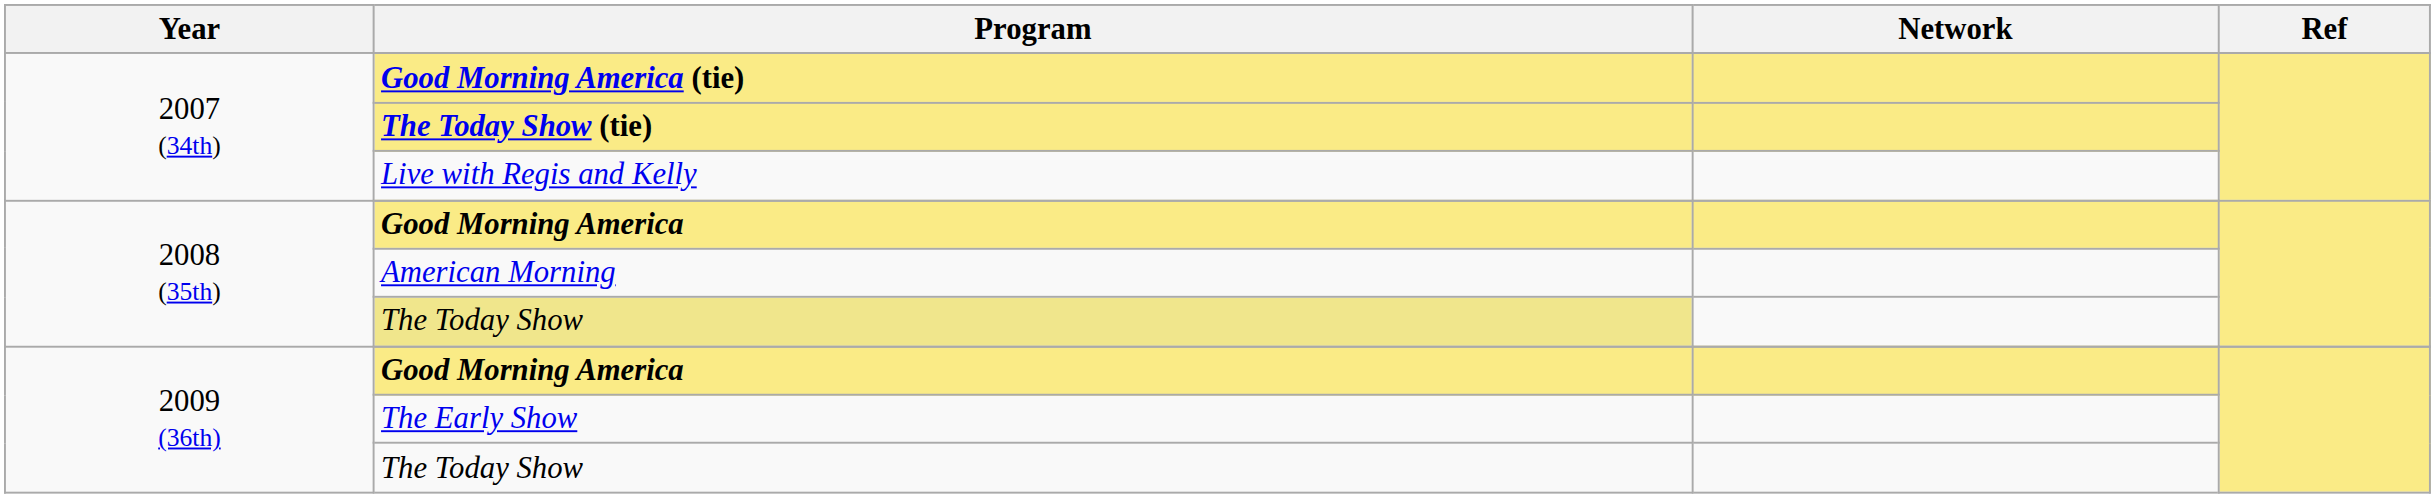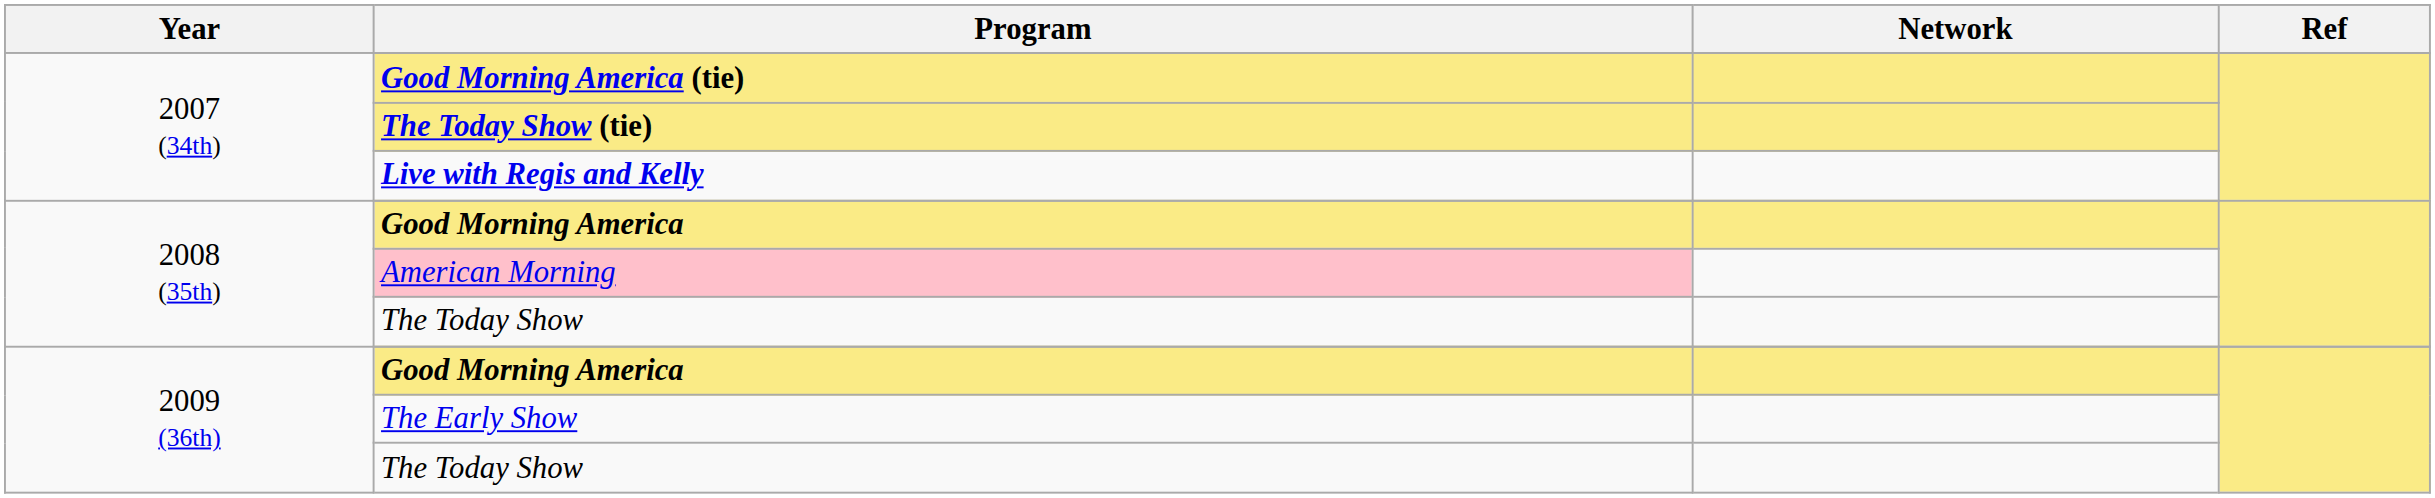 <table class="wikitable" style="width:100%">
 <tr style="background:#bebebe;">
 <th style="width:7%;">Year</th>
 <th style="width:25%;">Program</th>
 <th style="width:10%;">Network</th>
 <th style="width:4%;">Ref</th>
 </tr>
 <tr>
 <td rowspan=4 style="text-align:center">2007 <br><small>(<a href='#'>34th</a>) </small></td>
 </tr>
 <tr style="background:#FAEB86">
 <td><strong><em><a href='#'>Good Morning America</a></em></strong>  <strong>(tie)</strong></td>
 <td></td>
 <td rowspan=4></td>
 </tr>
 <tr style="background:#FAEB86">
 <td><strong><em><a href='#'>The Today Show</a></em></strong>  <strong>(tie)</strong></td>
 <td></td>
 </tr>
 <tr>
-<td><em><a href='#'>Live with Regis and Kelly</a></em></td>
+<td><strong><em><a href='#'>Live with Regis and Kelly</a></em></strong></td>
 <td></td>
 </tr>
 <tr>
 <td rowspan="4" style="text-align:center">2008 <br><small>(<a href='#'>35th</a>) </small></td>
 </tr>
 <tr style="background:#FAEB86">
 <td><strong><em>Good Morning America</em></strong></td>
 <td></td>
 <td rowspan="3"></td>
 </tr>
 <tr>
-<td><em><a href='#'>American Morning</a></em></td>
+<td style="background: pink;"><em><a href='#'>American Morning</a></em></td>
 <td></td>
 </tr>
 <tr>
-<td style="background: khaki;"><em>The Today Show</em></td>
+<td><em>The Today Show</em></td>
 <td></td>
 </tr>
 <tr>
 <td rowspan="4" style="text-align:center">2009 <br><small><a href='#'>(36th)</a></small></td>
 </tr>
 <tr style="background:#FAEB86">
 <td><strong><em>Good Morning America</em></strong></td>
 <td></td>
 <td rowspan="3"></td>
 </tr>
 <tr>
 <td><em><a href='#'>The Early Show</a></em></td>
 <td></td>
 </tr>
 <tr>
 <td><em>The Today Show</em></td>
 <td></td>
 </tr>
 </table>
